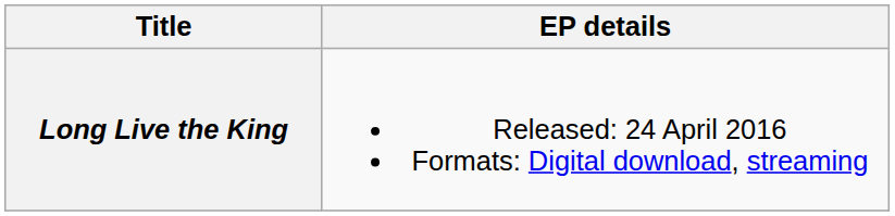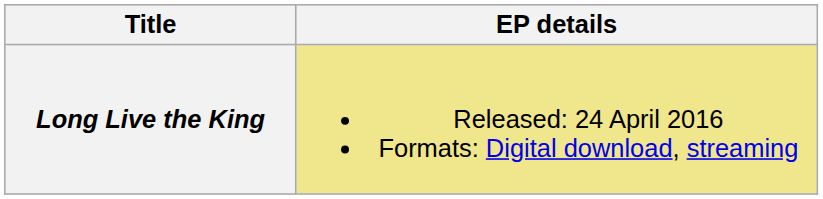 <table class="wikitable plainrowheaders" style="text-align:center;">
 <tr>
 <th scope="col" style="width:11em;">Title</th>
 <th scope="col" style="width:20em;">EP details</th>
 </tr>
 <tr>
 <th scope="row"><em>Long Live the King</em></th>
-<td><br><ul><li>Released: 24 April 2016</li><li>Formats: <a href='#'>Digital download</a>, <a href='#'>streaming</a></li></ul></td>
+<td style="background: khaki;"><br><ul><li>Released: 24 April 2016</li><li>Formats: <a href='#'>Digital download</a>, <a href='#'>streaming</a></li></ul></td>
 </tr>
 </table>
